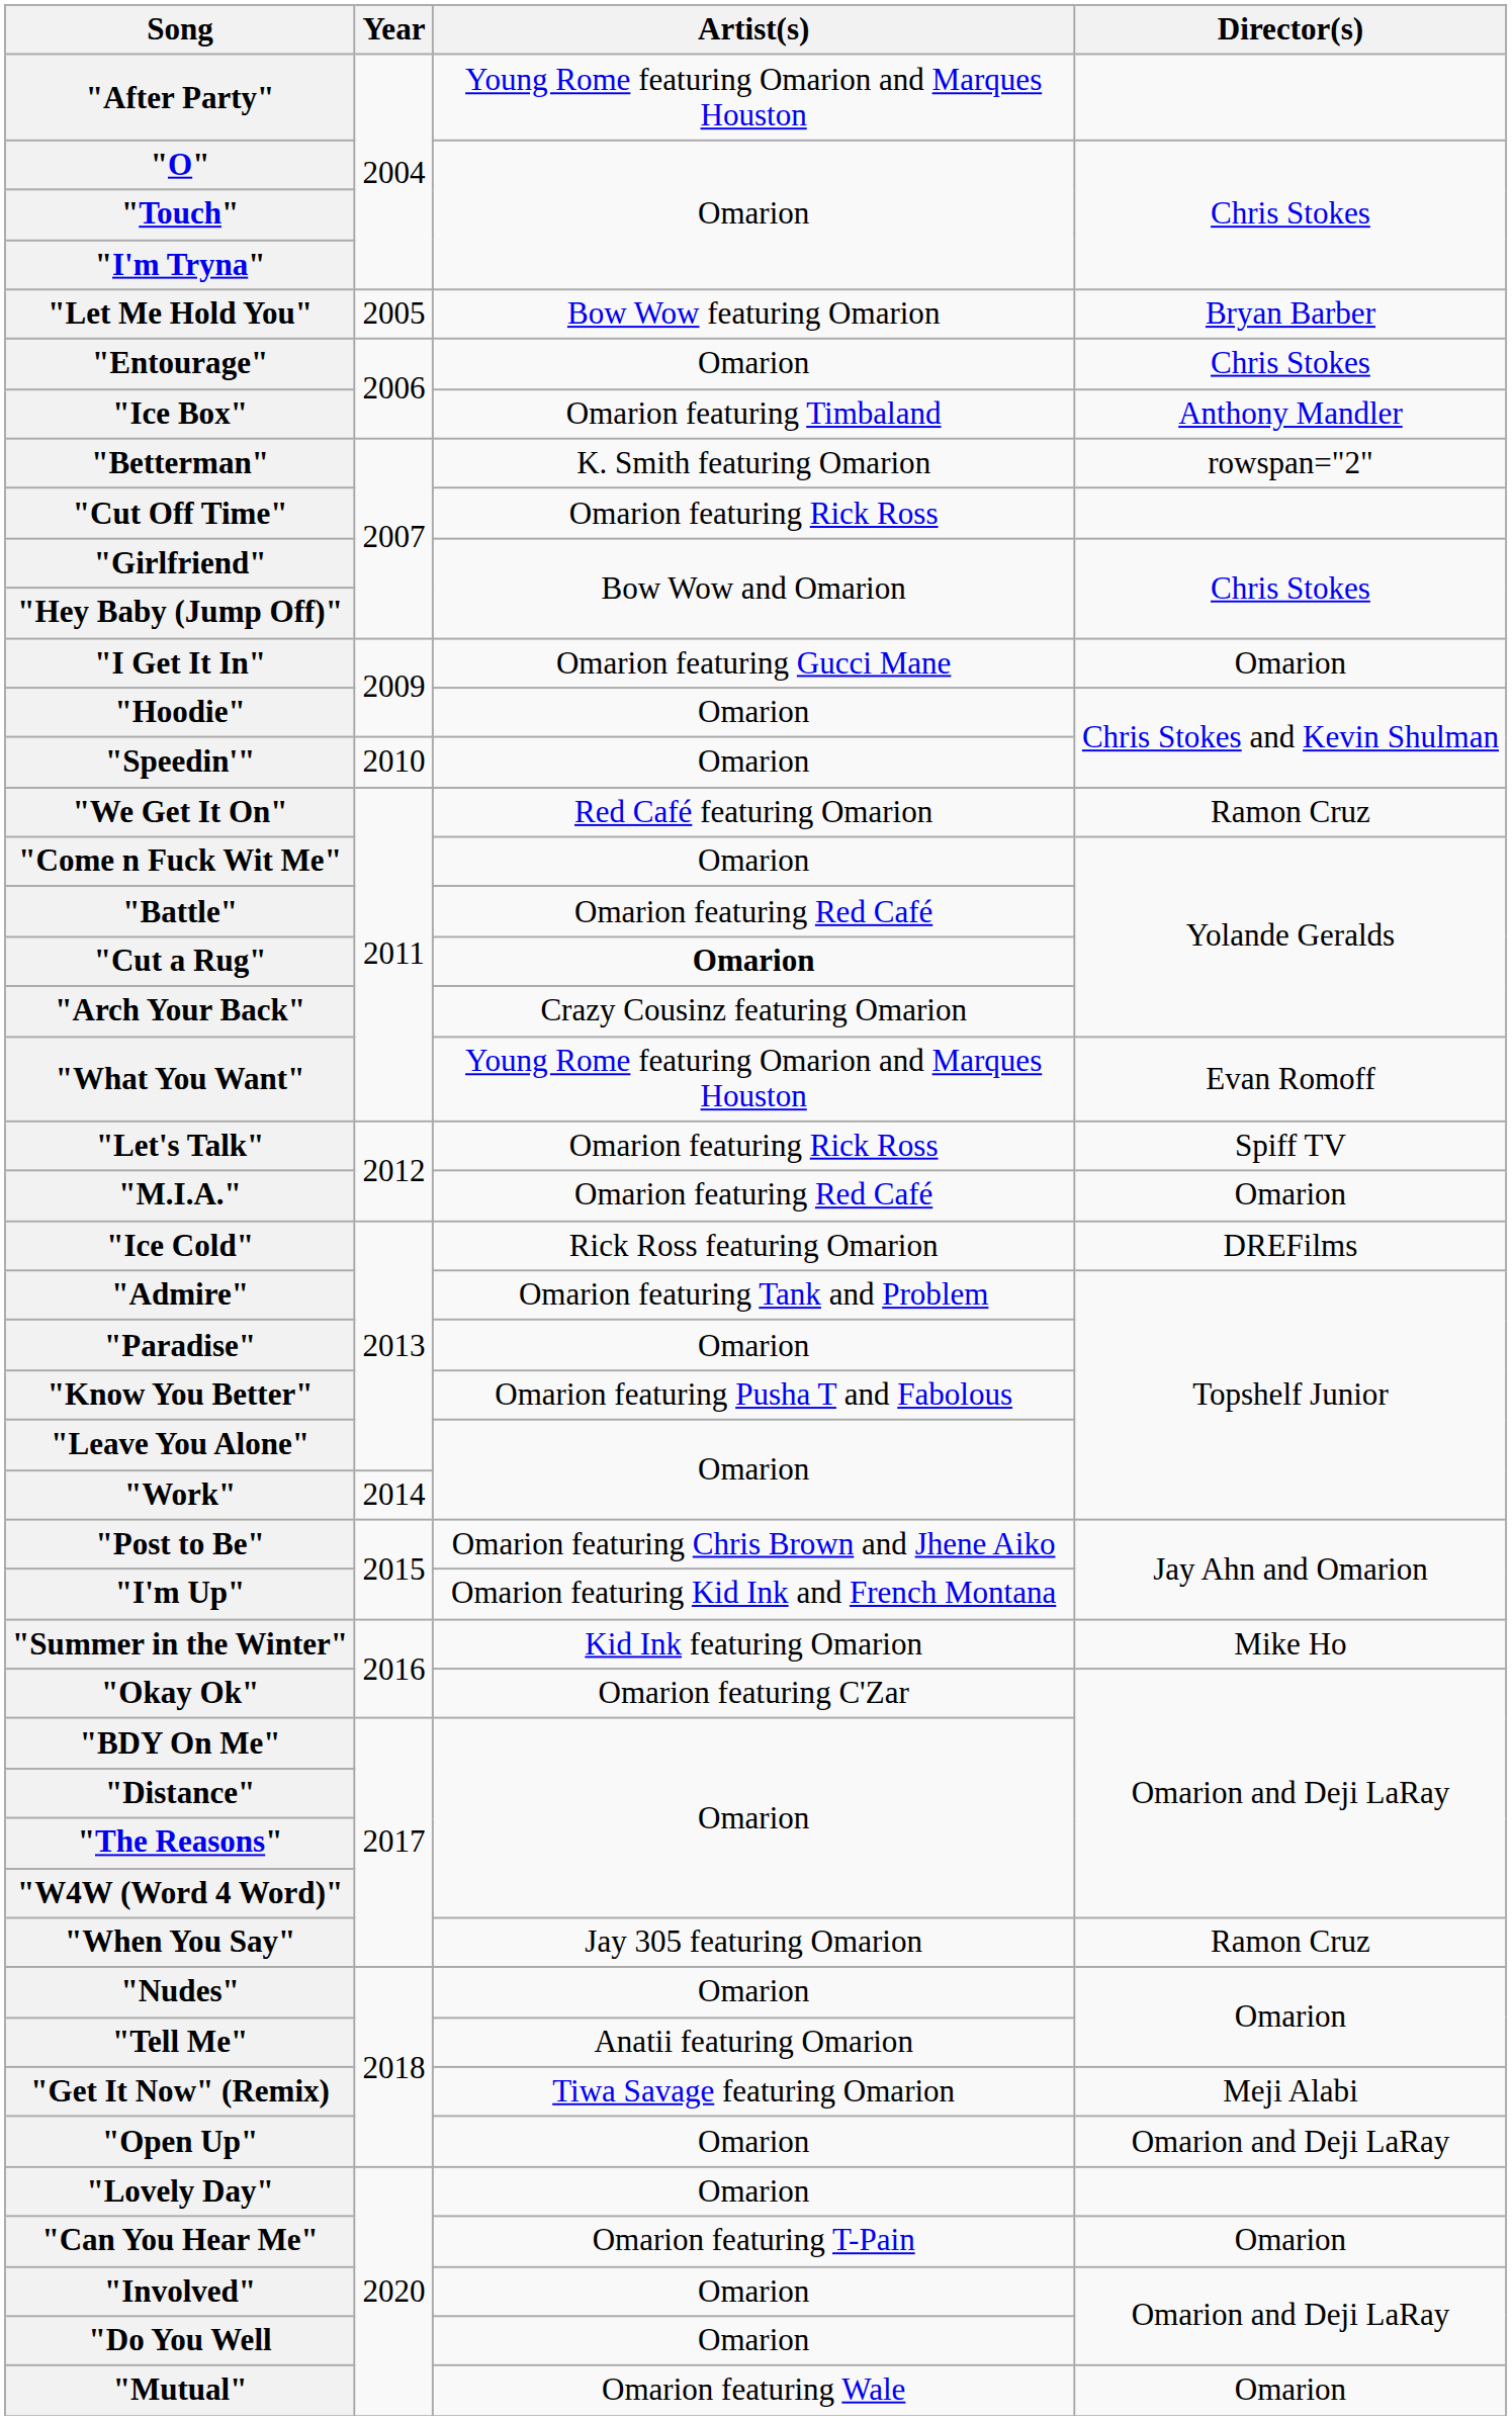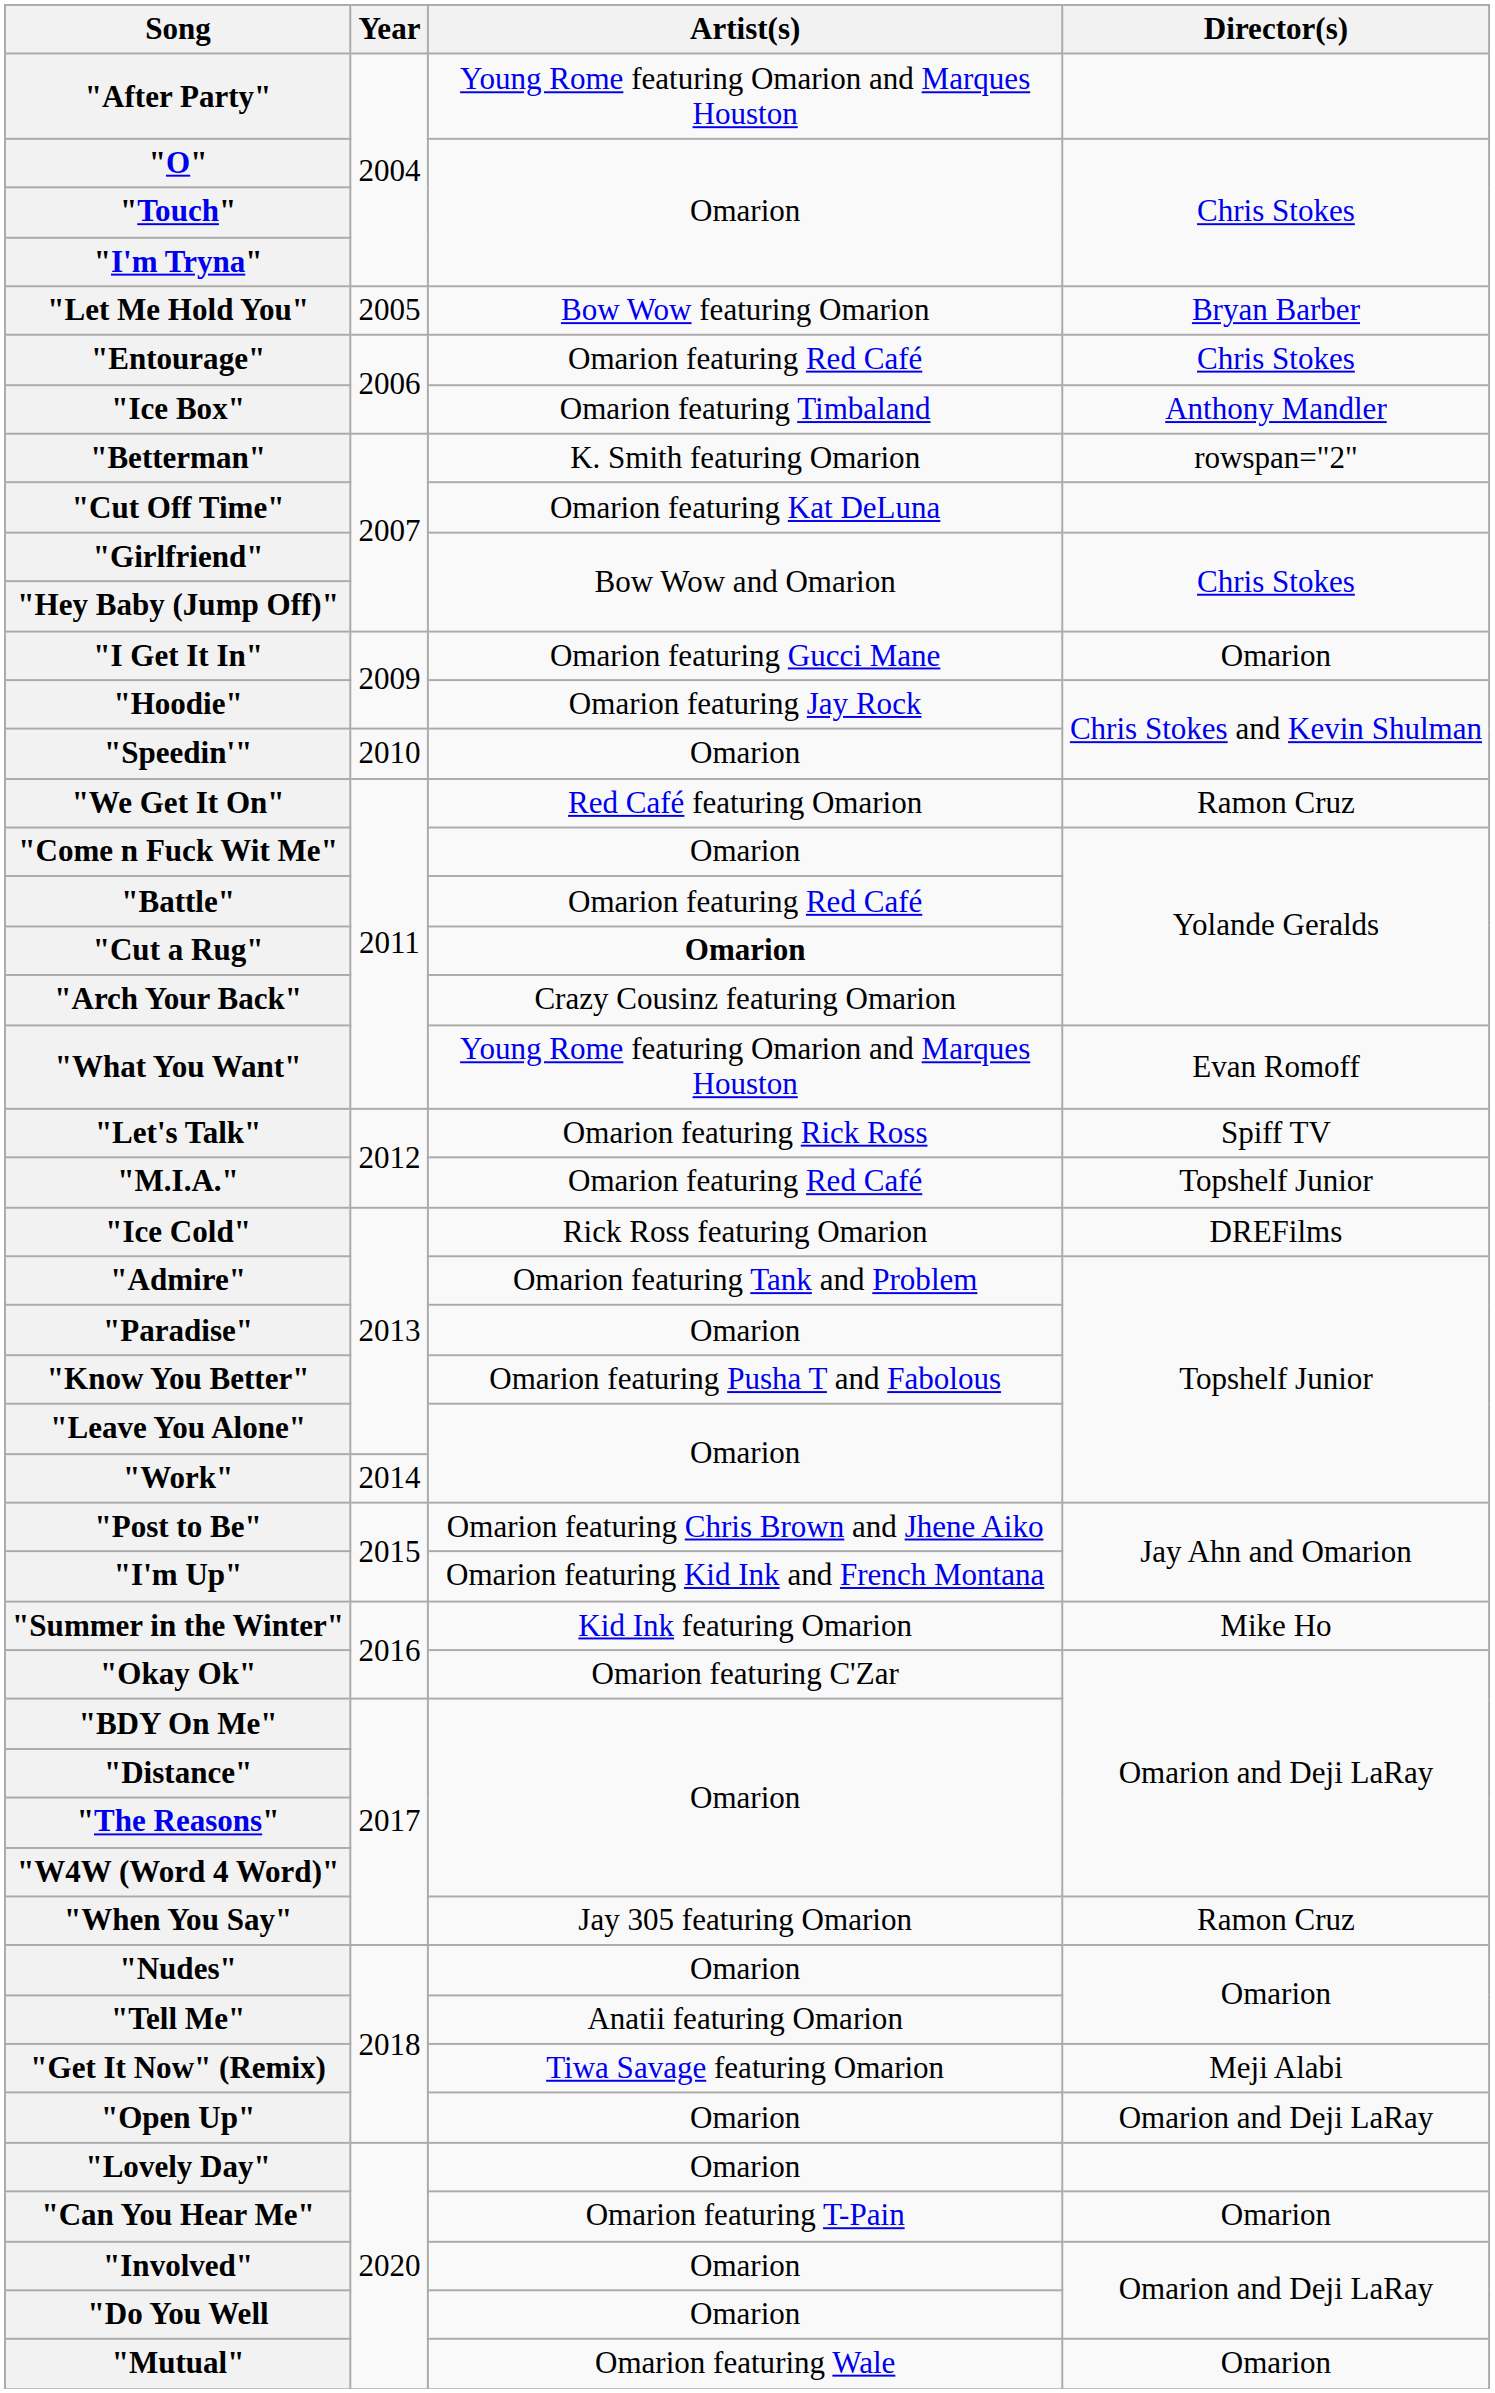 <table class="wikitable plainrowheaders" style="text-align:center;">
 <tr>
 <th scope="col">Song</th>
 <th scope="col">Year</th>
 <th scope="col" style="width: 20em;">Artist(s)</th>
 <th scope="col">Director(s)</th>
 </tr>
 <tr>
 <th scope="row">"After Party"</th>
 <td rowspan="4">2004</td>
 <td><a href='#'>Young Rome</a> featuring Omarion and <a href='#'>Marques Houston</a></td>
 <td></td>
 </tr>
 <tr>
 <th scope="row">"<a href='#'>O</a>"</th>
 <td rowspan="3">Omarion</td>
 <td rowspan="3"><a href='#'>Chris Stokes</a></td>
 </tr>
 <tr>
 <th scope="row">"<a href='#'>Touch</a>"</th>
 </tr>
 <tr>
 <th scope="row">"<a href='#'>I'm Tryna</a>"</th>
 </tr>
 <tr>
 <th scope="row">"Let Me Hold You"</th>
 <td>2005</td>
 <td><a href='#'>Bow Wow</a> featuring Omarion</td>
 <td><a href='#'>Bryan Barber</a></td>
 </tr>
 <tr>
 <th scope="row">"Entourage"</th>
 <td rowspan="2">2006</td>
-<td>Omarion</td>
+<td>Omarion featuring <a href='#'>Red Café</a></td>
 <td><a href='#'>Chris Stokes</a></td>
 </tr>
 <tr>
 <th scope="row">"Ice Box"</th>
 <td>Omarion featuring <a href='#'>Timbaland</a></td>
 <td><a href='#'>Anthony Mandler</a></td>
 </tr>
 <tr>
 <th scope="row">"Betterman"</th>
 <td rowspan="4">2007</td>
 <td>K. Smith featuring Omarion</td>
 <td>rowspan="2" </td>
 </tr>
 <tr>
 <th scope="row">"Cut Off Time"</th>
-<td>Omarion featuring <a href='#'>Rick Ross</a></td>
+<td>Omarion featuring <a href='#'>Kat DeLuna</a></td>
 </tr>
 <tr>
 <th scope="row">"Girlfriend"</th>
 <td rowspan="2">Bow Wow and Omarion</td>
 <td rowspan="2"><a href='#'>Chris Stokes</a></td>
 </tr>
 <tr>
 <th scope="row">"Hey Baby (Jump Off)"</th>
 </tr>
 <tr>
 <th scope="row">"I Get It In"</th>
 <td rowspan="2">2009</td>
 <td>Omarion featuring <a href='#'>Gucci Mane</a></td>
 <td>Omarion</td>
 </tr>
 <tr>
 <th scope="row">"Hoodie"</th>
-<td>Omarion</td>
+<td>Omarion featuring <a href='#'>Jay Rock</a></td>
 <td rowspan="2"><a href='#'>Chris Stokes</a> and <a href='#'>Kevin Shulman</a></td>
 </tr>
 <tr>
 <th scope="row">"Speedin'"</th>
 <td>2010</td>
 <td>Omarion</td>
 </tr>
 <tr>
 <th scope="row">"We Get It On"</th>
 <td rowspan="6">2011</td>
 <td><a href='#'>Red Café</a> featuring Omarion</td>
 <td>Ramon Cruz</td>
 </tr>
 <tr>
 <th scope="row">"Come n Fuck Wit Me"</th>
 <td>Omarion</td>
 <td rowspan="4">Yolande Geralds</td>
 </tr>
 <tr>
 <th scope="row">"Battle"</th>
 <td>Omarion featuring <a href='#'>Red Café</a></td>
 </tr>
 <tr>
 <th scope="row">"Cut a Rug"</th>
 <td><strong>Omarion</strong></td>
 </tr>
 <tr>
 <th scope="row">"Arch Your Back"</th>
 <td>Crazy Cousinz featuring Omarion</td>
 </tr>
 <tr>
 <th scope="row">"What You Want"</th>
 <td><a href='#'>Young Rome</a> featuring Omarion and <a href='#'>Marques Houston</a></td>
 <td>Evan Romoff</td>
 </tr>
 <tr>
 <th scope="row">"Let's Talk"</th>
 <td rowspan="2">2012</td>
 <td>Omarion featuring <a href='#'>Rick Ross</a></td>
 <td>Spiff TV</td>
 </tr>
 <tr>
 <th scope="row">"M.I.A."</th>
 <td>Omarion featuring <a href='#'>Red Café</a></td>
-<td>Omarion</td>
+<td>Topshelf Junior</td>
 </tr>
 <tr>
 <th scope="row">"Ice Cold"</th>
 <td rowspan="5">2013</td>
 <td>Rick Ross featuring Omarion</td>
 <td>DREFilms</td>
 </tr>
 <tr>
 <th scope="row">"Admire"</th>
 <td>Omarion featuring <a href='#'>Tank</a> and <a href='#'>Problem</a></td>
 <td rowspan="5">Topshelf Junior</td>
 </tr>
 <tr>
 <th scope="row">"Paradise"</th>
 <td>Omarion</td>
 </tr>
 <tr>
 <th scope="row">"Know You Better"</th>
 <td>Omarion featuring <a href='#'>Pusha T</a> and <a href='#'>Fabolous</a></td>
 </tr>
 <tr>
 <th scope="row">"Leave You Alone"</th>
 <td rowspan="2">Omarion</td>
 </tr>
 <tr>
 <th scope="row">"Work"</th>
 <td>2014</td>
 </tr>
 <tr>
 <th scope="row">"Post to Be"</th>
 <td rowspan="2">2015</td>
 <td>Omarion featuring <a href='#'>Chris Brown</a> and <a href='#'>Jhene Aiko</a></td>
 <td rowspan="2">Jay Ahn and Omarion</td>
 </tr>
 <tr>
 <th scope="row">"I'm Up"</th>
 <td>Omarion featuring <a href='#'>Kid Ink</a> and <a href='#'>French Montana</a></td>
 </tr>
 <tr>
 <th scope="row">"Summer in the Winter"</th>
 <td rowspan="2">2016</td>
 <td><a href='#'>Kid Ink</a> featuring Omarion</td>
 <td>Mike Ho</td>
 </tr>
 <tr>
 <th scope="row">"Okay Ok"</th>
 <td>Omarion featuring C'Zar</td>
 <td rowspan="5">Omarion and Deji LaRay</td>
 </tr>
 <tr>
 <th scope="row">"BDY On Me"</th>
 <td rowspan="5">2017</td>
 <td rowspan="4">Omarion</td>
 </tr>
 <tr>
 <th scope="row">"Distance"</th>
 </tr>
 <tr>
 <th scope="row">"<a href='#'>The Reasons</a>"</th>
 </tr>
 <tr>
 <th scope="row">"W4W (Word 4 Word)"</th>
 </tr>
 <tr>
 <th scope="row">"When You Say"</th>
 <td>Jay 305 featuring Omarion</td>
 <td>Ramon Cruz</td>
 </tr>
 <tr>
 <th scope="row">"Nudes"</th>
 <td rowspan="4">2018</td>
 <td>Omarion</td>
 <td rowspan="2">Omarion</td>
 </tr>
 <tr>
 <th scope="row">"Tell Me"</th>
 <td>Anatii featuring Omarion</td>
 </tr>
 <tr>
 <th scope="row">"Get It Now" (Remix)</th>
 <td><a href='#'>Tiwa Savage</a> featuring Omarion</td>
 <td>Meji Alabi</td>
 </tr>
 <tr>
 <th scope="row">"Open Up"</th>
 <td>Omarion</td>
 <td>Omarion and Deji LaRay</td>
 </tr>
 <tr>
 <th scope="row">"Lovely Day"</th>
 <td rowspan="5">2020</td>
 <td>Omarion</td>
 <td></td>
 </tr>
 <tr>
 <th scope="row">"Can You Hear Me"</th>
 <td>Omarion featuring <a href='#'>T-Pain</a></td>
 <td>Omarion</td>
 </tr>
 <tr>
 <th scope="row">"Involved"</th>
 <td>Omarion</td>
 <td rowspan="2">Omarion and Deji LaRay</td>
 </tr>
 <tr>
 <th scope="row">"Do You Well</th>
 <td>Omarion</td>
 </tr>
 <tr>
 <th scope="row">"Mutual"</th>
 <td>Omarion featuring <a href='#'>Wale</a></td>
 <td>Omarion</td>
 </tr>
 </table>
